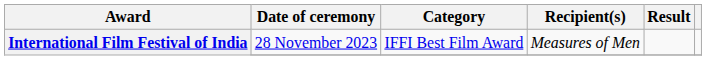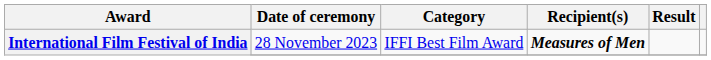 <table class="wikitable sortable plainrowheaders">
 <tr>
 <th scope="col">Award</th>
 <th scope="col">Date of ceremony</th>
 <th scope="col">Category</th>
 <th scope="col">Recipient(s)</th>
 <th scope="col">Result</th>
 <th scope="col" class="unsortable"></th>
 </tr>
 <tr>
 <th rowspan="2" scope="row"><a href='#'>International Film Festival of India</a></th>
 <td><a href='#'>28 November 2023</a></td>
 <td><a href='#'>IFFI Best Film Award</a></td>
-<td><em>Measures of Men</em></td>
+<td><strong><em>Measures of Men</em></strong></td>
 <td></td>
 <td style="text-align:center;"></td>
 </tr>
 <tr>
 </tr>
 </table>
